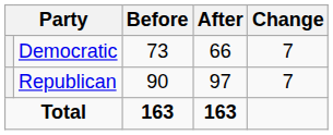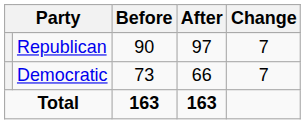 <table class="wikitable" style="text-align:center;">
 <tr>
 <th colspan="2">Party</th>
 <th>Before</th>
 <th>After</th>
 <th>Change</th>
 </tr>
 <tr>
 <th style="background-color:"></th>
-<td style="text-align:left;"><a href='#'>Democratic</a></td>
-<td>73</td>
-<td>66</td>
+<td style="text-align:left;"><a href='#'>Republican</a></td>
+<td>90</td>
+<td>97</td>
 <td> 7</td>
 </tr>
 <tr>
 <th style="background-color:"></th>
-<td style="text-align:left;"><a href='#'>Republican</a></td>
-<td>90</td>
-<td>97</td>
+<td style="text-align:left;"><a href='#'>Democratic</a></td>
+<td>73</td>
+<td>66</td>
 <td> 7</td>
 </tr>
 <tr>
 <td colspan="2"><strong>Total</strong></td>
 <td><strong>163</strong></td>
 <td><strong>163</strong></td>
 <td></td>
 </tr>
 </table>
